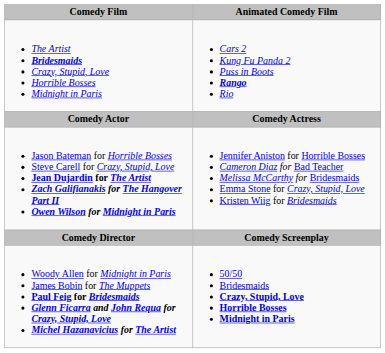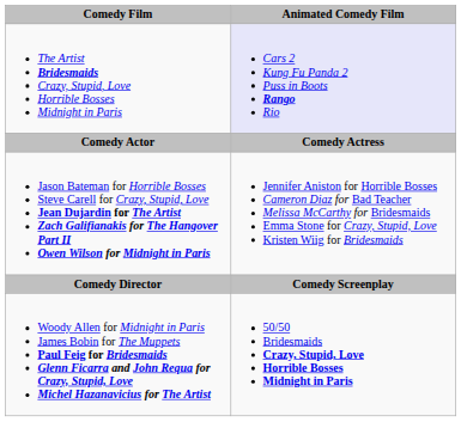 <table class=wikitable>
 <tr>
 <th style="background:silver" width="50%">Comedy Film</th>
 <th style="background:silver" width="50%">Animated Comedy Film</th>
 </tr>
 <tr>
 <td valign="top"><br><ul><li><em><a href='#'>The Artist</a></em></li><li><strong><em><a href='#'>Bridesmaids</a></em></strong></li><li><em><a href='#'>Crazy, Stupid, Love</a></em></li><li><em><a href='#'>Horrible Bosses</a></em></li><li><em><a href='#'>Midnight in Paris</a></em></li></ul></td>
-<td valign="top"><br><ul><li><em><a href='#'>Cars 2</a></em></li><li><em><a href='#'>Kung Fu Panda 2</a></em></li><li><em><a href='#'>Puss in Boots</a></em></li><li><strong><em><a href='#'>Rango</a></em></strong></li><li><em><a href='#'>Rio</a></em></li></ul></td>
+<td valign="top" style="background: lavender;"><br><ul><li><em><a href='#'>Cars 2</a></em></li><li><em><a href='#'>Kung Fu Panda 2</a></em></li><li><em><a href='#'>Puss in Boots</a></em></li><li><strong><em><a href='#'>Rango</a></em></strong></li><li><em><a href='#'>Rio</a></em></li></ul></td>
 </tr>
 <tr>
 <th style="background:silver" width="50%">Comedy Actor</th>
 <th style="background:silver" width="50%">Comedy Actress</th>
 </tr>
 <tr>
 <td valign="top"><br><ul><li><a href='#'>Jason Bateman</a> for <em><a href='#'>Horrible Bosses</a></em></li><li><a href='#'>Steve Carell</a> for <em><a href='#'>Crazy, Stupid, Love</a></em></li><li><strong><a href='#'>Jean Dujardin</a> for <em><a href='#'>The Artist</a><strong><em></li><li><a href='#'>Zach Galifianakis</a> for </em><a href='#'>The Hangover Part II</a><em></li><li><a href='#'>Owen Wilson</a> for </em><a href='#'>Midnight in Paris</a><em></li></ul></td>
 <td valign="top"><br><ul><li><a href='#'>Jennifer Aniston</a> for </em><a href='#'>Horrible Bosses</a><em></li><li><a href='#'>Cameron Diaz</a> for </em><a href='#'>Bad Teacher</a><em></li><li></strong><a href='#'>Melissa McCarthy</a> for </em><a href='#'>Bridesmaids</a></em></strong></li><li><a href='#'>Emma Stone</a> for <em><a href='#'>Crazy, Stupid, Love</a></em></li><li><a href='#'>Kristen Wiig</a> for <em><a href='#'>Bridesmaids</a></em></li></ul></td>
 </tr>
 <tr>
 <th style="background:silver" width="50%">Comedy Director</th>
 <th style="background:silver" width="50%">Comedy Screenplay</th>
 </tr>
 <tr>
 <td valign="top"><br><ul><li><a href='#'>Woody Allen</a> for <em><a href='#'>Midnight in Paris</a></em></li><li><a href='#'>James Bobin</a> for <em><a href='#'>The Muppets</a></em></li><li><strong><a href='#'>Paul Feig</a> for <em><a href='#'>Bridesmaids</a><strong><em></li><li><a href='#'>Glenn Ficarra</a> and <a href='#'>John Requa</a> for </em><a href='#'>Crazy, Stupid, Love</a><em></li><li><a href='#'>Michel Hazanavicius</a> for </em><a href='#'>The Artist</a><em></li></ul></td>
 <td valign="top"><br><ul><li></em><a href='#'>50/50</a><em></li><li></em></strong><a href='#'>Bridesmaids</a><strong><em></li><li></em><a href='#'>Crazy, Stupid, Love</a><em></li><li></em><a href='#'>Horrible Bosses</a><em></li><li></em><a href='#'>Midnight in Paris</a><em></li></ul></td>
 </tr>
 </table>
